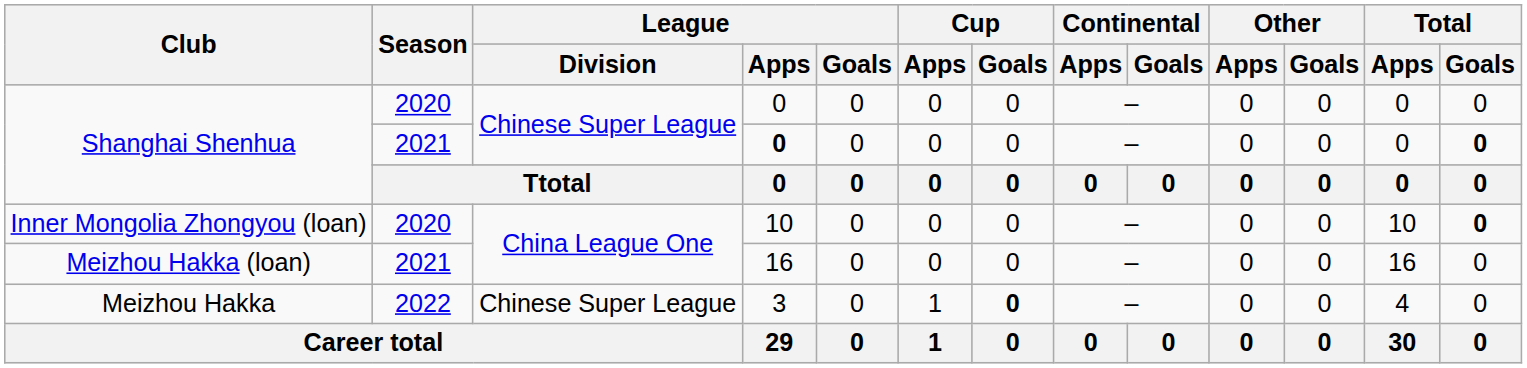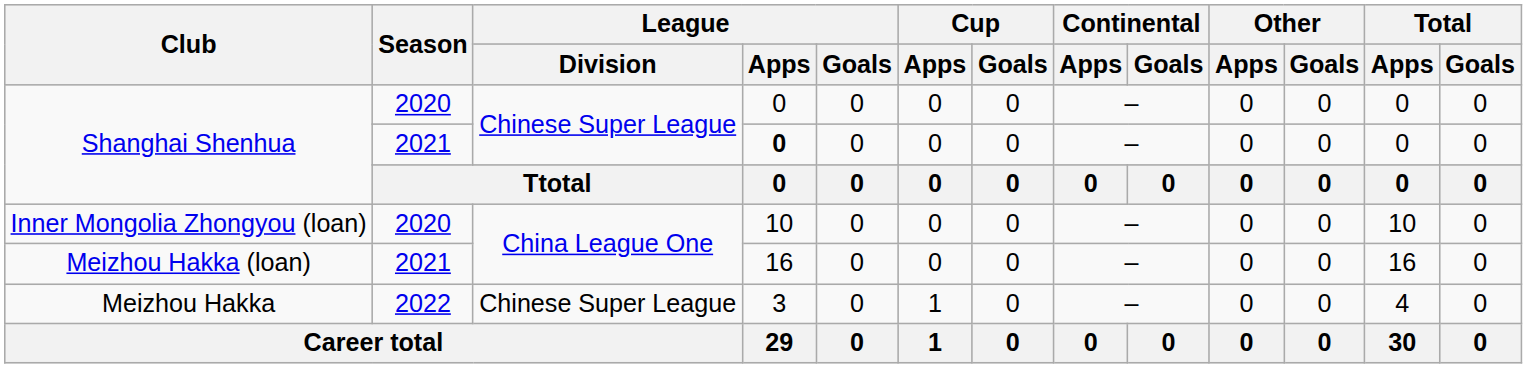 <table class="wikitable" style="text-align: center">
 <tr>
 <th rowspan="2">Club</th>
 <th rowspan="2">Season</th>
 <th colspan="3">League</th>
 <th colspan="2">Cup</th>
 <th colspan="2">Continental</th>
 <th colspan="2">Other</th>
 <th colspan="2">Total</th>
 </tr>
 <tr>
 <th>Division</th>
 <th>Apps</th>
 <th>Goals</th>
 <th>Apps</th>
 <th>Goals</th>
 <th>Apps</th>
 <th>Goals</th>
 <th>Apps</th>
 <th>Goals</th>
 <th>Apps</th>
 <th>Goals</th>
 </tr>
 <tr>
 <td rowspan="3"><a href='#'>Shanghai Shenhua</a></td>
 <td><a href='#'>2020</a></td>
 <td rowspan="2"><a href='#'>Chinese Super League</a></td>
 <td>0</td>
 <td>0</td>
 <td>0</td>
 <td>0</td>
 <td colspan="2">–</td>
 <td>0</td>
 <td>0</td>
 <td>0</td>
 <td>0</td>
 </tr>
 <tr>
 <td><a href='#'>2021</a></td>
 <td><strong>0</strong></td>
 <td>0</td>
 <td>0</td>
 <td>0</td>
 <td colspan="2">–</td>
 <td>0</td>
 <td>0</td>
 <td>0</td>
-<td><strong>0</strong></td>
+<td>0</td>
 </tr>
 <tr>
 <th colspan=2>Ttotal</th>
 <th>0</th>
 <th>0</th>
 <th>0</th>
 <th>0</th>
 <th>0</th>
 <th>0</th>
 <th>0</th>
 <th>0</th>
 <th>0</th>
 <th>0</th>
 </tr>
 <tr>
 <td><a href='#'>Inner Mongolia Zhongyou</a> (loan)</td>
 <td><a href='#'>2020</a></td>
 <td rowspan="2"><a href='#'>China League One</a></td>
 <td>10</td>
 <td>0</td>
 <td>0</td>
 <td>0</td>
 <td colspan="2">–</td>
 <td>0</td>
 <td>0</td>
 <td>10</td>
-<td><strong>0</strong></td>
+<td>0</td>
 </tr>
 <tr>
 <td><a href='#'>Meizhou Hakka</a> (loan)</td>
 <td><a href='#'>2021</a></td>
 <td>16</td>
 <td>0</td>
 <td>0</td>
 <td>0</td>
 <td colspan="2">–</td>
 <td>0</td>
 <td>0</td>
 <td>16</td>
 <td>0</td>
 </tr>
 <tr>
 <td>Meizhou Hakka</td>
 <td><a href='#'>2022</a></td>
 <td>Chinese Super League</td>
 <td>3</td>
 <td>0</td>
 <td>1</td>
-<td><strong>0</strong></td>
+<td>0</td>
 <td colspan="2">–</td>
 <td>0</td>
 <td>0</td>
 <td>4</td>
 <td>0</td>
 </tr>
 <tr>
 <th colspan=3>Career total</th>
 <th>29</th>
 <th>0</th>
 <th>1</th>
 <th>0</th>
 <th>0</th>
 <th>0</th>
 <th>0</th>
 <th>0</th>
 <th>30</th>
 <th>0</th>
 </tr>
 </table>
